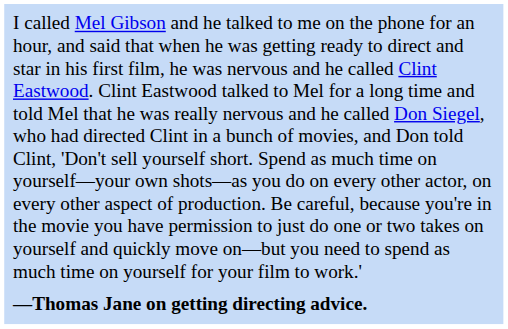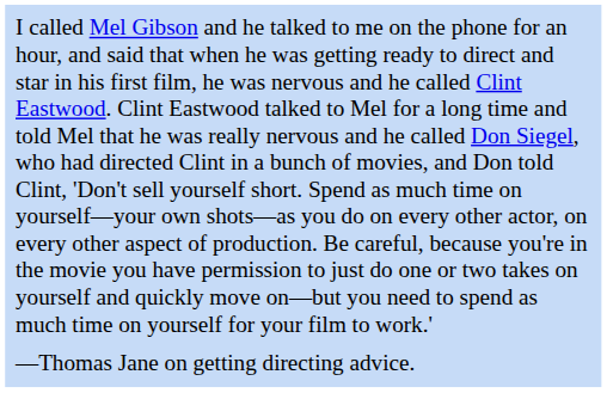 <table class="toccolours" style="float: right; margin-left: 1em; margin-right: 2em; font-size: 85%; background:#c6dbf7; color:black; width:30em; max-width: 40%;" cellspacing="5">
 <tr>
 <td style="text-align: left;">I called <a href='#'>Mel Gibson</a> and he talked to me on the phone for an hour, and said that when he was getting ready to direct and star in his first film, he was nervous and he called <a href='#'>Clint Eastwood</a>. Clint Eastwood talked to Mel for a long time and told Mel that he was really nervous and he called <a href='#'>Don Siegel</a>, who had directed Clint in a bunch of movies, and Don told Clint, 'Don't sell yourself short. Spend as much time on yourself—your own shots—as you do on every other actor, on every other aspect of production. Be careful, because you're in the movie you have permission to just do one or two takes on yourself and quickly move on—but you need to spend as much time on yourself for your film to work.'</td>
 </tr>
 <tr>
-<td style="text-align: left;"><strong>—Thomas Jane on getting directing advice.</strong></td>
+<td style="text-align: left;">—Thomas Jane on getting directing advice.</td>
 </tr>
 </table>
